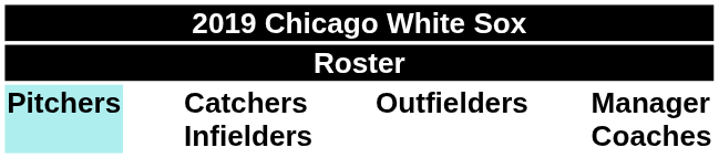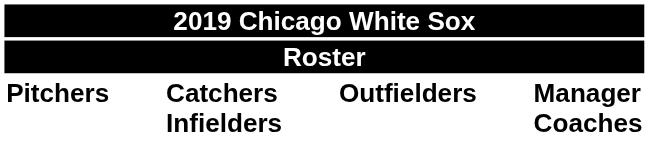 <table class="toccolours" style="font-size: 95%;">
 <tr>
 <th colspan="10" style="background:black; color:#fff; text-align:center;">2019 Chicago White Sox</th>
 </tr>
 <tr>
 <td colspan="10" style="background:black; color:white; text-align:center;"><strong>Roster</strong></td>
 </tr>
 <tr>
-<td valign="top" style="background: paleturquoise;"><strong>Pitchers</strong><br>                        </td>
+<td valign="top"><strong>Pitchers</strong><br>                        </td>
 <td style="width:25px;"></td>
 <td valign="top"><strong>Catchers</strong><br>    <strong>Infielders</strong>          </td>
 <td style="width:25px;"></td>
 <td valign="top"><strong>Outfielders</strong><br>       </td>
 <td style="width:25px;"></td>
 <td valign="top"><strong>Manager</strong><br> <strong>Coaches</strong>                  </td>
 </tr>
 </table>
